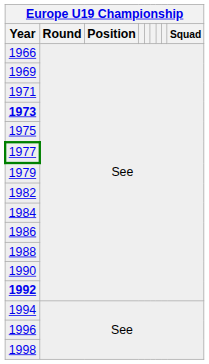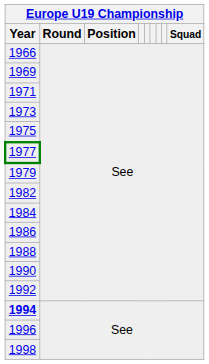 <table class="wikitable" style="text-align: center;">
 <tr>
 <th colspan=9><a href='#'>Europe U19 Championship</a></th>
 </tr>
 <tr>
 <th>Year</th>
 <th>Round</th>
 <th>Position</th>
 <th></th>
 <th></th>
 <th></th>
 <th></th>
 <th></th>
 <th><small>Squad</small></th>
 </tr>
 <tr bgcolor="efefef">
 <td> <a href='#'>1966</a></td>
 <td Colspan=9 rowspan=13>See </td>
 </tr>
 <tr bgcolor="efefef">
 <td> <a href='#'>1969</a></td>
 </tr>
 <tr bgcolor="efefef">
 <td> <a href='#'>1971</a></td>
 </tr>
 <tr bgcolor="efefef">
-<td><strong> <a href='#'>1973</a></strong></td>
+<td> <a href='#'>1973</a></td>
 </tr>
 <tr bgcolor="efefef">
 <td> <a href='#'>1975</a></td>
 </tr>
 <tr bgcolor="efefef">
 <td style="border:3px solid green"> <a href='#'>1977</a></td>
 </tr>
 <tr bgcolor="efefef">
 <td> <a href='#'>1979</a></td>
 </tr>
 <tr bgcolor="efefef">
 <td> <a href='#'>1982</a></td>
 </tr>
 <tr bgcolor="efefef">
 <td> <a href='#'>1984</a></td>
 </tr>
 <tr bgcolor="efefef">
 <td> <a href='#'>1986</a></td>
 </tr>
 <tr bgcolor="efefef">
 <td> <a href='#'>1988</a></td>
 </tr>
 <tr bgcolor="efefef">
 <td> <a href='#'>1990</a></td>
 </tr>
 <tr bgcolor="efefef">
-<td><strong> <a href='#'>1992</a></strong></td>
+<td> <a href='#'>1992</a></td>
 </tr>
 <tr bgcolor="efefef">
-<td> <a href='#'>1994</a></td>
+<td><strong> <a href='#'>1994</a></strong></td>
 <td colspan=9 rowspan=3>See </td>
 </tr>
 <tr bgcolor="efefef">
 <td> <a href='#'>1996</a></td>
 </tr>
 <tr bgcolor="efefef">
 <td> <a href='#'>1998</a></td>
 </tr>
 </table>
